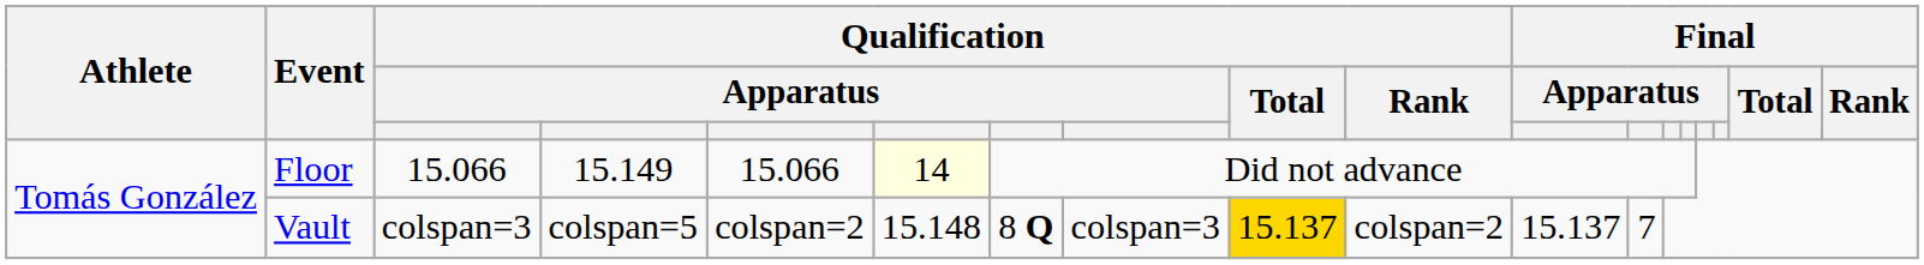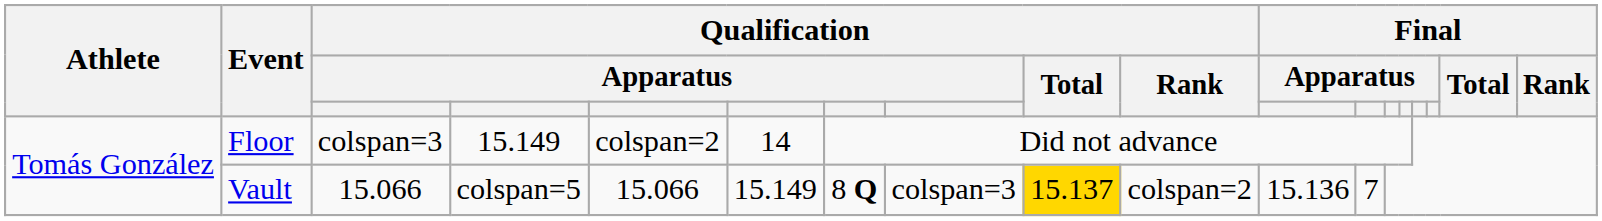 <table class="wikitable" style="font-size:90%">
 <tr>
 <th rowspan=3>Athlete</th>
 <th rowspan=3>Event</th>
 <th colspan =8>Qualification</th>
 <th colspan =8>Final</th>
 </tr>
 <tr style="font-size:95%">
 <th colspan=6>Apparatus</th>
 <th rowspan=2>Total</th>
 <th rowspan=2>Rank</th>
 <th colspan=6>Apparatus</th>
 <th rowspan=2>Total</th>
 <th rowspan=2>Rank</th>
 </tr>
 <tr style="font-size:95%">
 <th></th>
 <th></th>
 <th></th>
 <th></th>
 <th></th>
 <th></th>
 <th></th>
 <th></th>
 <th></th>
 <th></th>
 <th></th>
 <th></th>
 </tr>
 <tr align=center>
 <td align=left rowspan=2><a href='#'>Tomás González</a></td>
 <td align=left><a href='#'>Floor</a></td>
-<td>15.066</td>
+<td>colspan=3 </td>
 <td>15.149</td>
-<td>15.066</td>
-<td style="background: lightyellow;">14</td>
+<td>colspan=2 </td>
+<td>14</td>
 <td colspan=8>Did not advance</td>
 </tr>
 <tr align=center>
 <td align=left><a href='#'>Vault</a></td>
-<td>colspan=3 </td>
+<td>15.066</td>
 <td>colspan=5 </td>
-<td>colspan=2 </td>
-<td>15.148</td>
+<td>15.066</td>
+<td>15.149</td>
 <td>8 <strong>Q</strong></td>
 <td>colspan=3 </td>
 <td style="background: gold;">15.137</td>
 <td>colspan=2 </td>
-<td>15.137</td>
+<td>15.136</td>
 <td>7</td>
 </tr>
 </table>
